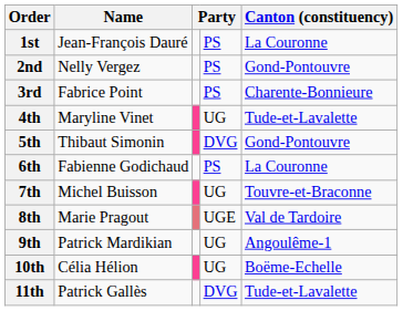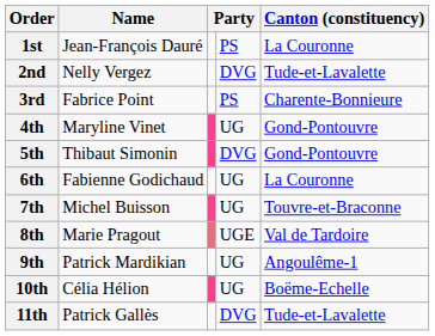 <table class="wikitable sortable">
 <tr>
 <th>Order</th>
 <th>Name</th>
 <th colspan="2">Party</th>
 <th><a href='#'>Canton</a> (constituency)</th>
 </tr>
 <tr>
 <th>1st</th>
 <td>Jean-François Dauré</td>
 <td style="color:inherit;background:"></td>
 <td><a href='#'>PS</a></td>
 <td><a href='#'>La Couronne</a></td>
 </tr>
 <tr>
 <th>2nd</th>
 <td>Nelly Vergez</td>
 <td style="color:inherit;background:"></td>
-<td><a href='#'>PS</a></td>
-<td><a href='#'>Gond-Pontouvre</a></td>
+<td><a href='#'>DVG</a></td>
+<td><a href='#'>Tude-et-Lavalette</a></td>
 </tr>
 <tr>
 <th>3rd</th>
 <td>Fabrice Point</td>
 <td style="color:inherit;background:"></td>
 <td><a href='#'>PS</a></td>
 <td><a href='#'>Charente-Bonnieure</a></td>
 </tr>
 <tr>
 <th>4th</th>
 <td>Maryline Vinet</td>
 <td style="color:inherit;background:#FD3F92"></td>
 <td>UG</td>
-<td><a href='#'>Tude-et-Lavalette</a></td>
+<td><a href='#'>Gond-Pontouvre</a></td>
 </tr>
 <tr>
 <th>5th</th>
 <td>Thibaut Simonin</td>
 <td style="color:inherit;background:#FD3F92"></td>
 <td><a href='#'>DVG</a></td>
 <td><a href='#'>Gond-Pontouvre</a></td>
 </tr>
 <tr>
 <th>6th</th>
 <td>Fabienne Godichaud</td>
 <td style="color:inherit;background:"></td>
-<td><a href='#'>PS</a></td>
+<td>UG</td>
 <td><a href='#'>La Couronne</a></td>
 </tr>
 <tr>
 <th>7th</th>
 <td>Michel Buisson</td>
 <td style="color:inherit;background:#FD3F92"></td>
 <td>UG</td>
 <td><a href='#'>Touvre-et-Braconne</a></td>
 </tr>
 <tr>
 <th>8th</th>
 <td>Marie Pragout</td>
 <td style="color:inherit;background:#E4717A"></td>
 <td>UGE</td>
 <td><a href='#'>Val de Tardoire</a></td>
 </tr>
 <tr>
 <th>9th</th>
 <td>Patrick Mardikian</td>
 <td style="color:inherit;background:"></td>
 <td>UG</td>
 <td><a href='#'>Angoulême-1</a></td>
 </tr>
 <tr>
 <th>10th</th>
 <td>Célia Hélion</td>
 <td style="color:inherit;background:#FD3F92"></td>
 <td>UG</td>
 <td><a href='#'>Boëme-Echelle</a></td>
 </tr>
 <tr>
 <th>11th</th>
 <td>Patrick Gallès</td>
 <td style="color:inherit;background:"></td>
 <td><a href='#'>DVG</a></td>
 <td><a href='#'>Tude-et-Lavalette</a></td>
 </tr>
 </table>
